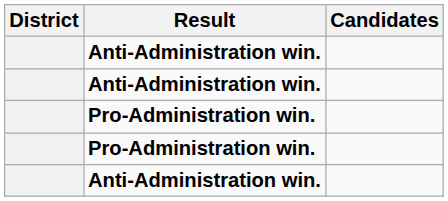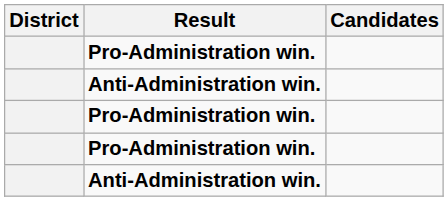 <table class=wikitable>
 <tr valign=bottom>
 <th>District</th>
 <th>Result</th>
 <th>Candidates</th>
 </tr>
 <tr>
 <th><br></th>
-<td><strong>Anti-Administration win.</strong></td>
+<td><strong>Pro-Administration win.</strong></td>
 <td nowrap></td>
 </tr>
 <tr>
 <th><br></th>
 <td><strong>Anti-Administration win.</strong></td>
 <td nowrap></td>
 </tr>
 <tr>
 <th><br></th>
 <td><strong>Pro-Administration win.</strong></td>
 <td nowrap></td>
 </tr>
 <tr>
 <th><br></th>
 <td><strong>Pro-Administration win.</strong></td>
 <td nowrap></td>
 </tr>
 <tr>
 <th><br></th>
 <td><strong>Anti-Administration win.</strong></td>
 <td nowrap></td>
 </tr>
 </table>
